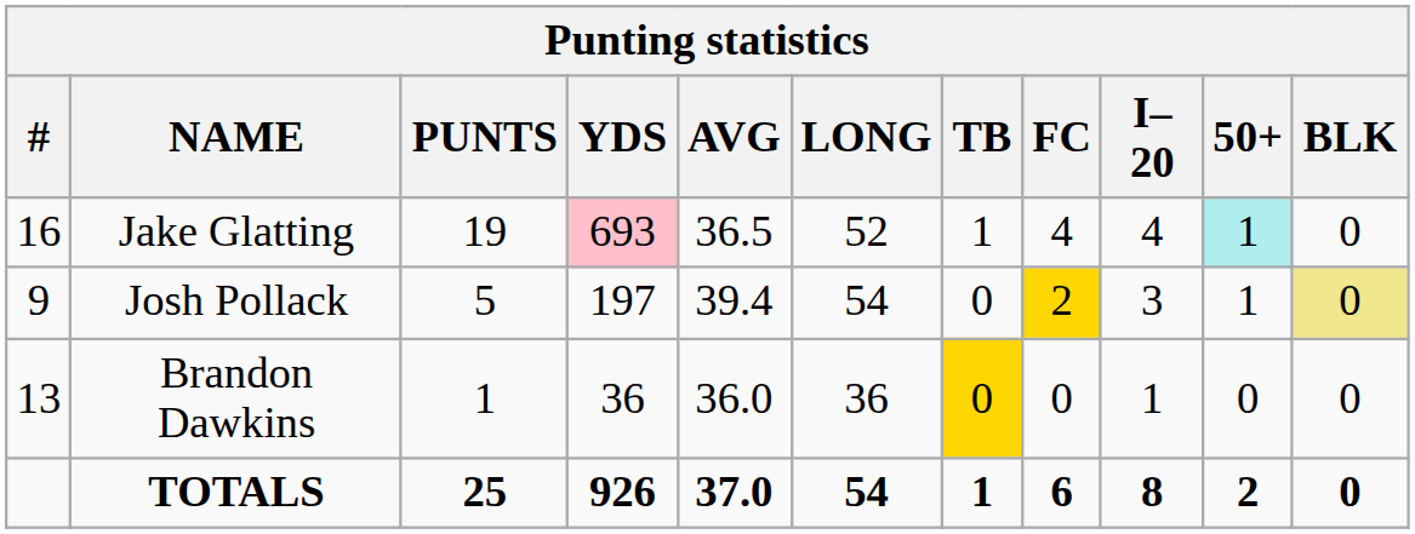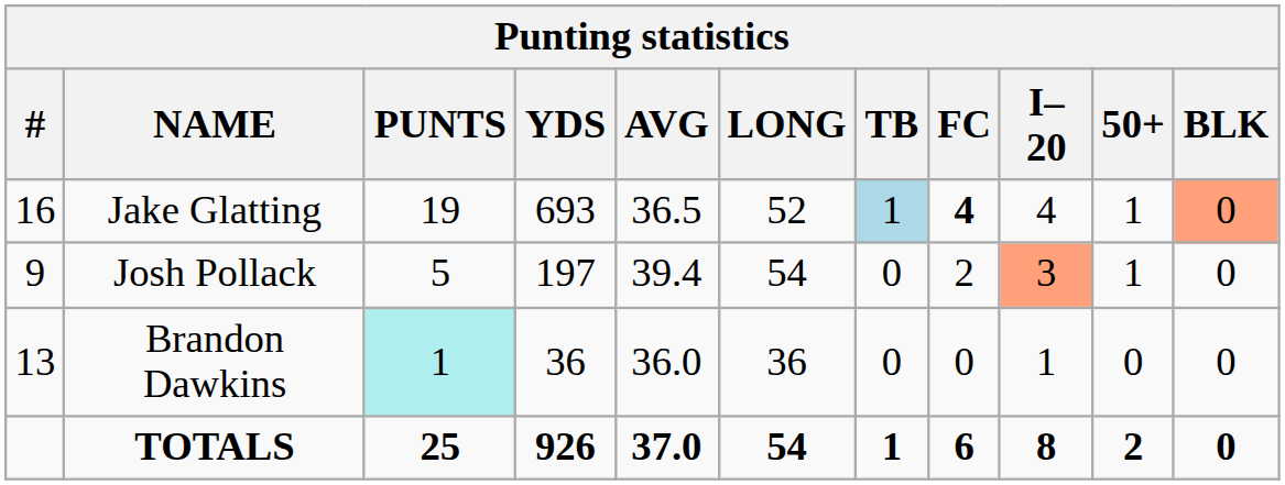 <table style="width:40%; text-align:center;" class="wikitable collapsible collapsed">
 <tr>
 <th colspan="12">Punting statistics</th>
 </tr>
 <tr>
 <th>#</th>
 <th>NAME</th>
 <th>PUNTS</th>
 <th>YDS</th>
 <th>AVG</th>
 <th>LONG</th>
 <th>TB</th>
 <th>FC</th>
 <th>I–20</th>
 <th>50+</th>
 <th>BLK</th>
 </tr>
 <tr>
 <td>16</td>
 <td>Jake Glatting</td>
 <td>19</td>
-<td style="background: pink;">693</td>
+<td>693</td>
 <td>36.5</td>
 <td>52</td>
+<td style="background: lightblue;">1</td>
+<td><strong>4</strong></td>
+<td>4</td>
 <td>1</td>
-<td>4</td>
-<td>4</td>
-<td style="background: paleturquoise;">1</td>
-<td>0</td>
+<td style="background: lightsalmon;">0</td>
 </tr>
 <tr>
 <td>9</td>
 <td>Josh Pollack</td>
 <td>5</td>
 <td>197</td>
 <td>39.4</td>
 <td>54</td>
 <td>0</td>
-<td style="background: gold;">2</td>
-<td>3</td>
+<td>2</td>
+<td style="background: lightsalmon;">3</td>
 <td>1</td>
-<td style="background: khaki;">0</td>
+<td>0</td>
 </tr>
 <tr>
 <td>13</td>
 <td>Brandon Dawkins</td>
-<td>1</td>
+<td style="background: paleturquoise;">1</td>
 <td>36</td>
 <td>36.0</td>
 <td>36</td>
-<td style="background: gold;">0</td>
+<td>0</td>
 <td>0</td>
 <td>1</td>
 <td>0</td>
 <td>0</td>
 </tr>
 <tr>
 <td></td>
 <td><strong>TOTALS</strong></td>
 <td><strong>25</strong></td>
 <td><strong>926</strong></td>
 <td><strong>37.0</strong></td>
 <td><strong>54</strong></td>
 <td><strong>1</strong></td>
 <td><strong>6</strong></td>
 <td><strong>8</strong></td>
 <td><strong>2</strong></td>
 <td><strong>0</strong></td>
 </tr>
 </table>
